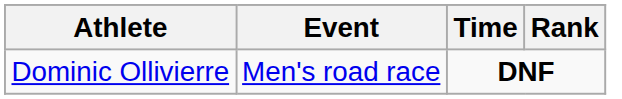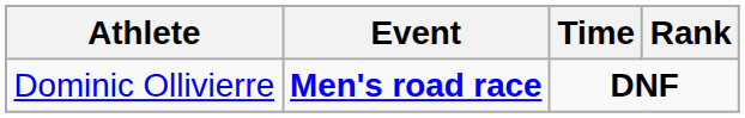 <table class=wikitable style="font-size:90%">
 <tr>
 <th>Athlete</th>
 <th>Event</th>
 <th>Time</th>
 <th>Rank</th>
 </tr>
 <tr>
 <td><a href='#'>Dominic Ollivierre</a></td>
-<td><a href='#'>Men's road race</a></td>
+<td><strong><a href='#'>Men's road race</a></strong></td>
 <td align=center colspan=2><strong>DNF</strong></td>
 </tr>
 </table>
